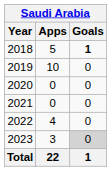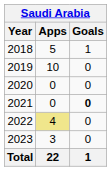 <table class="wikitable" style="text-align:center">
 <tr>
 <th colspan=3><a href='#'>Saudi Arabia</a></th>
 </tr>
 <tr>
 <th>Year</th>
 <th>Apps</th>
 <th>Goals</th>
 </tr>
 <tr>
 <td>2018</td>
 <td>5</td>
-<td><strong>1</strong></td>
+<td>1</td>
 </tr>
 <tr>
 <td>2019</td>
 <td>10</td>
 <td>0</td>
 </tr>
 <tr>
 <td>2020</td>
 <td>0</td>
 <td>0</td>
 </tr>
 <tr>
 <td>2021</td>
 <td>0</td>
-<td>0</td>
+<td><strong>0</strong></td>
 </tr>
 <tr>
 <td>2022</td>
-<td>4</td>
+<td style="background: khaki;">4</td>
 <td>0</td>
 </tr>
 <tr>
 <td>2023</td>
 <td>3</td>
-<td style="background: lightgrey;">0</td>
+<td>0</td>
 </tr>
 <tr>
 <th>Total</th>
 <th>22</th>
 <th>1</th>
 </tr>
 </table>
